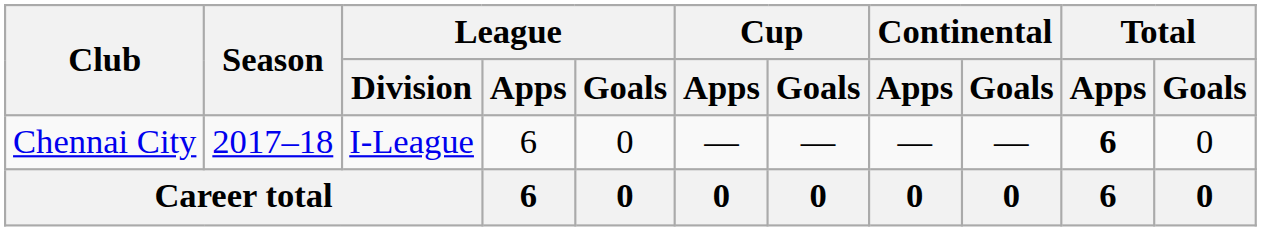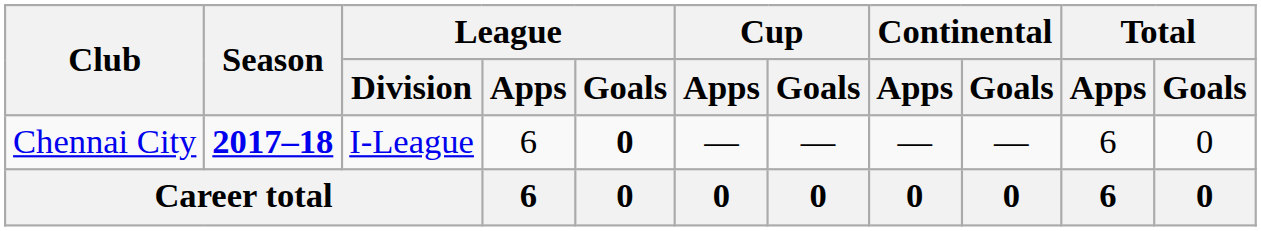 <table class=wikitable style=text-align:center>
 <tr>
 <th rowspan=2>Club</th>
 <th rowspan=2>Season</th>
 <th colspan=3>League</th>
 <th colspan=2>Cup</th>
 <th colspan=2>Continental</th>
 <th colspan=2>Total</th>
 </tr>
 <tr>
 <th>Division</th>
 <th>Apps</th>
 <th>Goals</th>
 <th>Apps</th>
 <th>Goals</th>
 <th>Apps</th>
 <th>Goals</th>
 <th>Apps</th>
 <th>Goals</th>
 </tr>
 <tr>
 <td rowspan=1><a href='#'>Chennai City</a></td>
-<td><a href='#'>2017–18</a></td>
+<td><strong><a href='#'>2017–18</a></strong></td>
 <td><a href='#'>I-League</a></td>
 <td>6</td>
-<td>0</td>
+<td><strong>0</strong></td>
 <td>—</td>
 <td>—</td>
 <td>—</td>
 <td>—</td>
-<td><strong>6</strong></td>
+<td>6</td>
 <td>0</td>
 </tr>
 <tr>
 <th colspan=3>Career total</th>
 <th>6</th>
 <th>0</th>
 <th>0</th>
 <th>0</th>
 <th>0</th>
 <th>0</th>
 <th>6</th>
 <th>0</th>
 </tr>
 </table>
